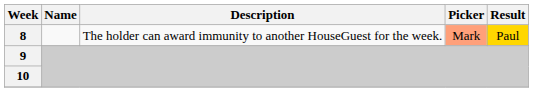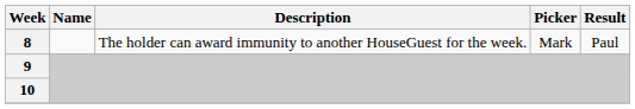 <table class="wikitable" style="text-align:center;">
 <tr>
 <th scope="col">Week</th>
 <th scope="col">Name</th>
 <th scope="col">Description</th>
 <th scope="col">Picker</th>
 <th scope="col">Result</th>
 </tr>
 <tr>
 <th scope="row">8</th>
 <td></td>
 <td>The holder can award immunity to another HouseGuest for the week.</td>
-<td style="background: lightsalmon;">Mark</td>
-<td style="background: gold;">Paul</td>
+<td>Mark</td>
+<td>Paul</td>
 </tr>
 <tr>
 <th scope="row">9</th>
 <td colspan="4" rowspan="2" style="background:#ccc"></td>
 </tr>
 <tr>
 <th scope="row">10</th>
 </tr>
 <tr>
 </tr>
 </table>
